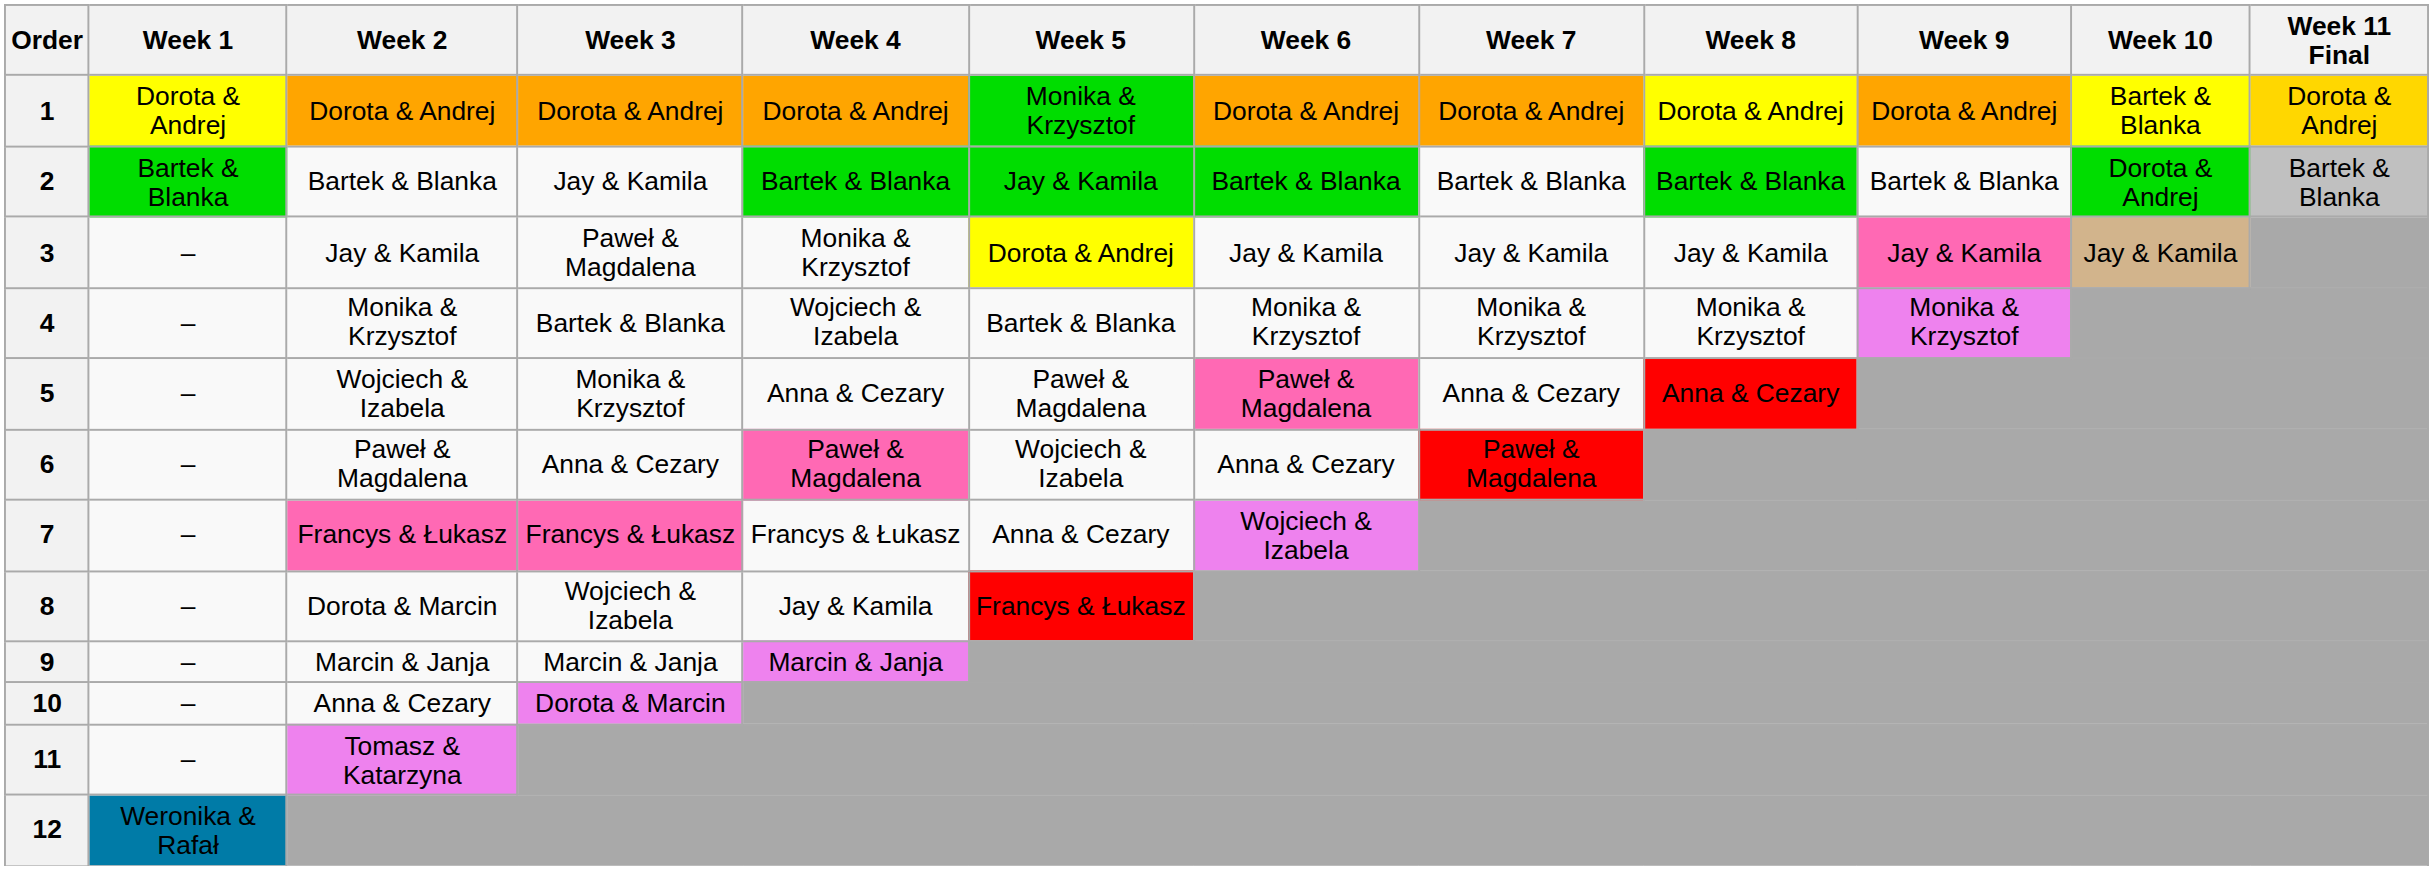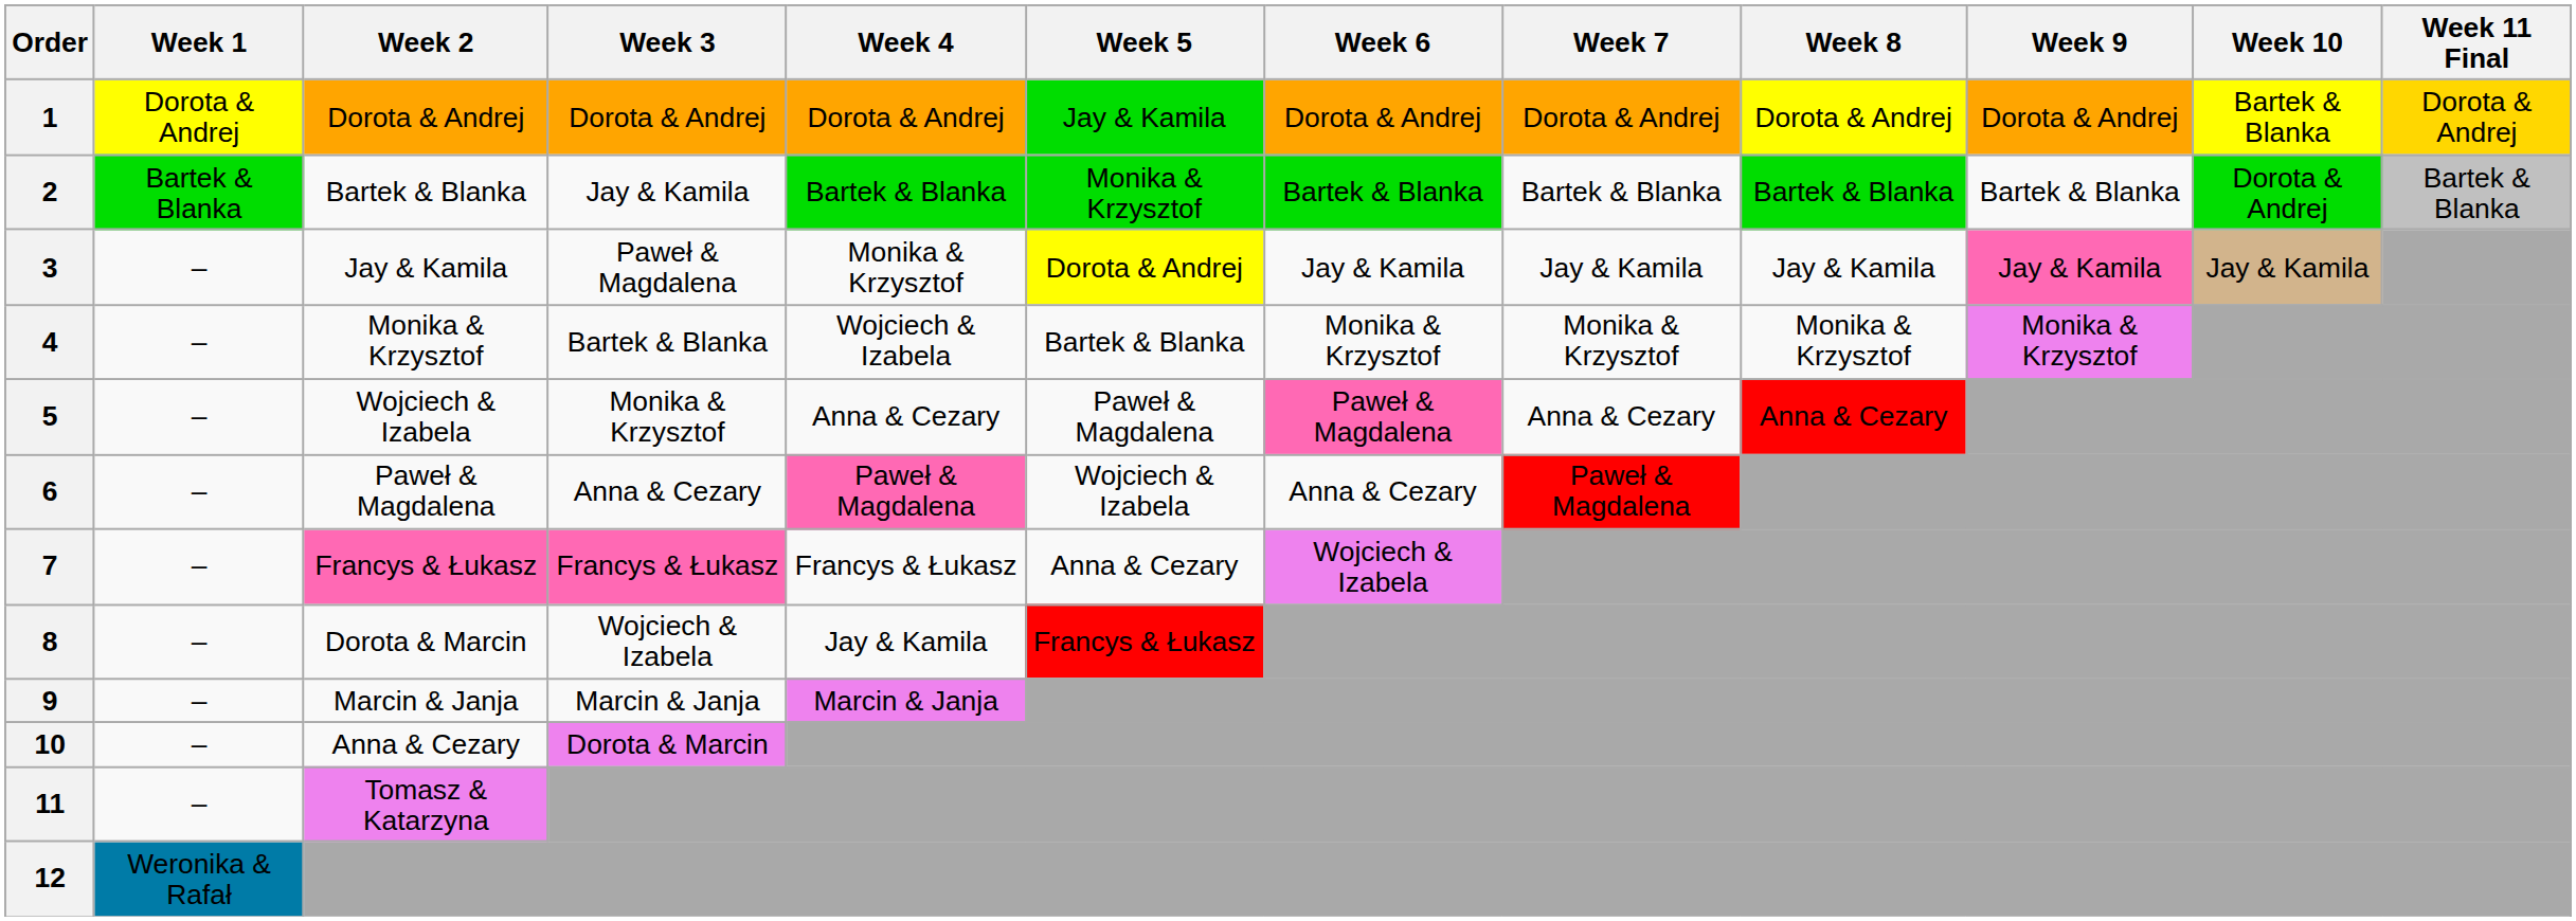 <table class="wikitable" style="font-size:85%; text-align:center">
 <tr>
 <th>Order</th>
 <th>Week 1</th>
 <th>Week 2</th>
 <th>Week 3</th>
 <th>Week 4</th>
 <th>Week 5</th>
 <th>Week 6</th>
 <th>Week 7</th>
 <th>Week 8</th>
 <th>Week 9</th>
 <th>Week 10</th>
 <th>Week 11<br>Final</th>
 </tr>
 <tr>
 <th>1</th>
 <td style="background:yellow;">Dorota & Andrej</td>
 <td style="background:orange;">Dorota & Andrej</td>
 <td style="background:orange;">Dorota & Andrej</td>
 <td style="background:orange;">Dorota & Andrej</td>
-<td style="background:#00DD00;">Monika & Krzysztof</td>
+<td style="background:#00DD00;">Jay & Kamila</td>
 <td style="background:orange;">Dorota & Andrej</td>
 <td style="background:orange;">Dorota & Andrej</td>
 <td style="background:yellow;">Dorota & Andrej</td>
 <td style="background:orange;">Dorota & Andrej</td>
 <td style="background:yellow;">Bartek & Blanka</td>
 <td style="background:gold;">Dorota & Andrej</td>
 </tr>
 <tr>
 <th>2</th>
 <td style="background:#00DD00;">Bartek & Blanka</td>
 <td>Bartek & Blanka</td>
 <td>Jay & Kamila</td>
 <td style="background:#00DD00;">Bartek & Blanka</td>
-<td style="background:#00DD00;">Jay & Kamila</td>
+<td style="background:#00DD00;">Monika & Krzysztof</td>
 <td style="background:#00DD00;">Bartek & Blanka</td>
 <td>Bartek & Blanka</td>
 <td style="background:#00DD00;">Bartek & Blanka</td>
 <td>Bartek & Blanka</td>
 <td style="background:#00DD00;">Dorota & Andrej</td>
 <td style="background:silver;">Bartek & Blanka</td>
 </tr>
 <tr>
 <th>3</th>
 <td>–</td>
 <td>Jay & Kamila</td>
 <td>Paweł & Magdalena</td>
 <td>Monika & Krzysztof</td>
 <td style="background:yellow;">Dorota & Andrej</td>
 <td>Jay & Kamila</td>
 <td>Jay & Kamila</td>
 <td>Jay & Kamila</td>
 <td style="background:hotpink;">Jay & Kamila</td>
 <td style="background:tan;">Jay & Kamila</td>
 <td style="background:darkgray" colspan="3"></td>
 </tr>
 <tr>
 <th>4</th>
 <td>–</td>
 <td>Monika & Krzysztof</td>
 <td>Bartek & Blanka</td>
 <td>Wojciech & Izabela</td>
 <td>Bartek & Blanka</td>
 <td>Monika & Krzysztof</td>
 <td>Monika & Krzysztof</td>
 <td>Monika & Krzysztof</td>
 <td style="background:violet;">Monika & Krzysztof</td>
 <td style="background:darkgray" colspan="4"></td>
 </tr>
 <tr>
 <th>5</th>
 <td>–</td>
 <td>Wojciech & Izabela</td>
 <td>Monika & Krzysztof</td>
 <td>Anna & Cezary</td>
 <td>Paweł & Magdalena</td>
 <td style="background:hotpink;">Paweł & Magdalena</td>
 <td>Anna & Cezary</td>
 <td style="background:red;">Anna & Cezary</td>
 <td style="background:darkgray" colspan="4"></td>
 </tr>
 <tr>
 <th>6</th>
 <td>–</td>
 <td>Paweł & Magdalena</td>
 <td>Anna & Cezary</td>
 <td style="background:hotpink;">Paweł & Magdalena</td>
 <td>Wojciech & Izabela</td>
 <td>Anna & Cezary</td>
 <td style="background:red;">Paweł & Magdalena</td>
 <td style="background:darkgray" colspan="5"></td>
 </tr>
 <tr>
 <th>7</th>
 <td>–</td>
 <td style="background:hotpink;">Francys & Łukasz</td>
 <td style="background:hotpink;">Francys & Łukasz</td>
 <td>Francys & Łukasz</td>
 <td>Anna & Cezary</td>
 <td style="background:violet;">Wojciech & Izabela</td>
 <td style="background:darkgray" colspan="6"></td>
 </tr>
 <tr>
 <th>8</th>
 <td>–</td>
 <td>Dorota & Marcin</td>
 <td>Wojciech & Izabela</td>
 <td>Jay & Kamila</td>
 <td style="background:red;">Francys & Łukasz</td>
 <td style="background:darkgray" colspan="7"></td>
 </tr>
 <tr>
 <th>9</th>
 <td>–</td>
 <td>Marcin & Janja</td>
 <td>Marcin & Janja</td>
 <td style="background:violet;">Marcin & Janja</td>
 <td style="background:darkgray" colspan="8"></td>
 </tr>
 <tr>
 <th>10</th>
 <td>–</td>
 <td>Anna & Cezary</td>
 <td style="background:violet;">Dorota & Marcin</td>
 <td style="background:darkgray" colspan="9"></td>
 </tr>
 <tr>
 <th>11</th>
 <td>–</td>
 <td style="background:violet;">Tomasz & Katarzyna</td>
 <td style="background:darkgray" colspan="10"></td>
 </tr>
 <tr>
 <th>12</th>
 <td style="background:#007BA7;">Weronika & Rafał</td>
 <td style="background:darkgray" colspan="11"></td>
 </tr>
 </table>
